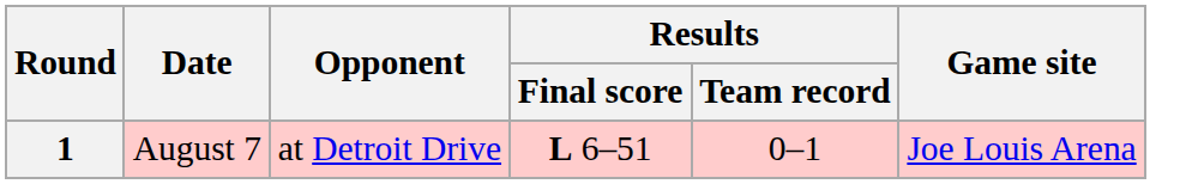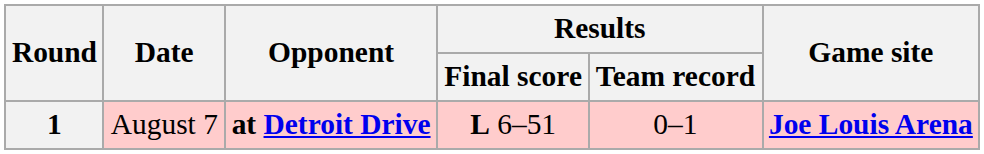 <table class="wikitable" style="font-size: 92%;" "align=center">
 <tr>
 <th rowspan="2">Round</th>
 <th rowspan="2">Date</th>
 <th rowspan="2">Opponent</th>
 <th colspan="2">Results</th>
 <th rowspan="2">Game site</th>
 </tr>
 <tr>
 <th>Final score</th>
 <th>Team record</th>
 </tr>
 <tr style="background:#fcc">
 <th>1</th>
 <td style="text-align:center;">August 7</td>
-<td style="text-align:center;">at <a href='#'>Detroit Drive</a></td>
+<td style="text-align:center;"><strong>at <a href='#'>Detroit Drive</a></strong></td>
 <td style="text-align:center;"><strong>L</strong> 6–51</td>
 <td style="text-align:center;">0–1</td>
-<td style="text-align:center;"><a href='#'>Joe Louis Arena</a></td>
+<td style="text-align:center;"><strong><a href='#'>Joe Louis Arena</a></strong></td>
 </tr>
 </table>
